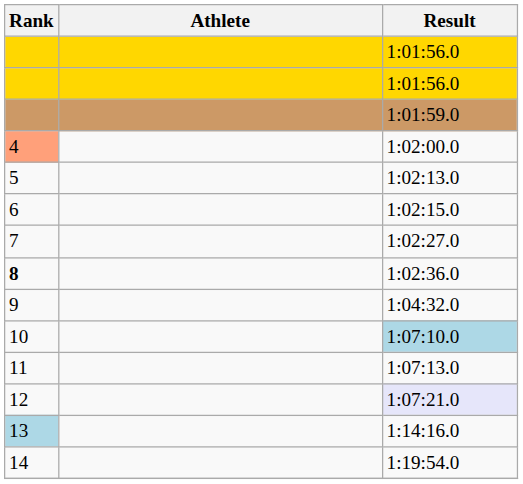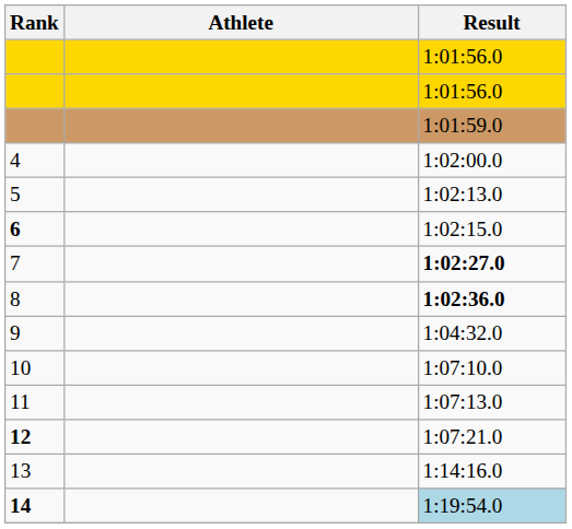 <table class="wikitable" style="font-size:95%" style="width:35em;" style="text-align:center">
 <tr>
 <th>Rank</th>
 <th width=250>Athlete</th>
 <th width=100>Result</th>
 </tr>
 <tr bgcolor=gold>
 <td></td>
 <td align=left></td>
 <td>1:01:56.0</td>
 </tr>
 <tr bgcolor=gold>
 <td></td>
 <td align=left></td>
 <td>1:01:56.0</td>
 </tr>
 <tr bgcolor=cc9966>
 <td></td>
 <td align=left></td>
 <td>1:01:59.0</td>
 </tr>
 <tr>
-<td style="background: lightsalmon;">4</td>
+<td>4</td>
 <td align=left></td>
 <td>1:02:00.0</td>
 </tr>
 <tr>
 <td>5</td>
 <td align=left></td>
 <td>1:02:13.0</td>
 </tr>
 <tr>
-<td>6</td>
+<td><strong>6</strong></td>
 <td align=left></td>
 <td>1:02:15.0</td>
 </tr>
 <tr>
 <td>7</td>
 <td align=left></td>
-<td>1:02:27.0</td>
+<td><strong>1:02:27.0</strong></td>
 </tr>
 <tr>
-<td><strong>8</strong></td>
+<td>8</td>
 <td align=left></td>
-<td>1:02:36.0</td>
+<td><strong>1:02:36.0</strong></td>
 </tr>
 <tr>
 <td>9</td>
 <td align=left></td>
 <td>1:04:32.0</td>
 </tr>
 <tr>
 <td>10</td>
 <td align=left></td>
-<td style="background: lightblue;">1:07:10.0</td>
+<td>1:07:10.0</td>
 </tr>
 <tr>
 <td>11</td>
 <td align=left></td>
 <td>1:07:13.0</td>
 </tr>
 <tr>
-<td>12</td>
+<td><strong>12</strong></td>
 <td align=left></td>
-<td style="background: lavender;">1:07:21.0</td>
+<td>1:07:21.0</td>
 </tr>
 <tr>
-<td style="background: lightblue;">13</td>
+<td>13</td>
 <td align=left></td>
 <td>1:14:16.0</td>
 </tr>
 <tr>
-<td>14</td>
+<td><strong>14</strong></td>
 <td align=left></td>
-<td>1:19:54.0</td>
+<td style="background: lightblue;">1:19:54.0</td>
 </tr>
 <tr>
 </tr>
 </table>
